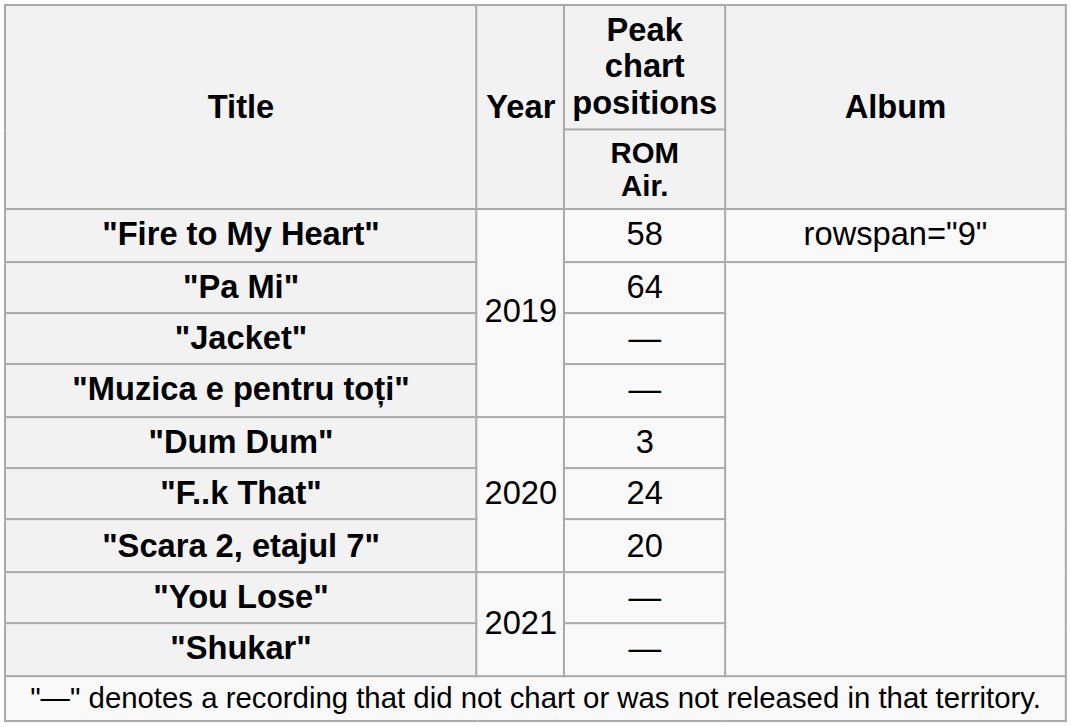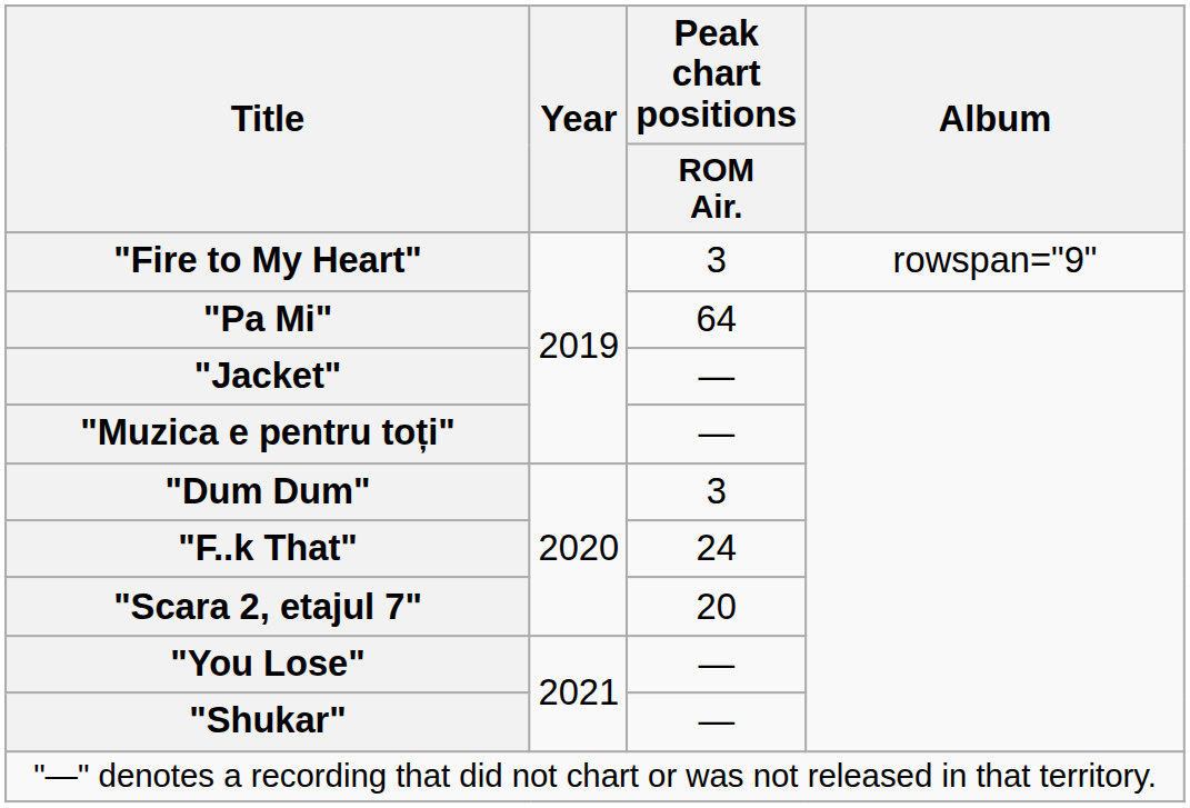 <table class="wikitable plainrowheaders" style="text-align:center;">
 <tr>
 <th scope="col" rowspan="2" style="width:14em;">Title</th>
 <th scope="col" rowspan="2" style="width:1em;">Year</th>
 <th colspan="1" scope="col">Peak chart positions</th>
 <th scope="col" rowspan="2" style="width:10em;">Album</th>
 </tr>
 <tr>
 <th scope="col" style="width:2.5em;font-size:90%;">ROM<br>Air.<br></th>
 </tr>
 <tr>
 <th scope="row">"Fire to My Heart"<br></th>
 <td rowspan="4">2019</td>
-<td>58</td>
+<td>3</td>
 <td>rowspan="9" </td>
 </tr>
 <tr>
 <th scope="row">"Pa Mi"<br></th>
 <td>64</td>
 </tr>
 <tr>
 <th scope="row">"Jacket"<br></th>
 <td>—</td>
 </tr>
 <tr>
 <th scope="row">"Muzica e pentru toți"<br></th>
 <td>—</td>
 </tr>
 <tr>
 <th scope="row">"Dum Dum"<br></th>
 <td rowspan="3">2020</td>
 <td>3</td>
 </tr>
 <tr>
 <th scope="row">"F..k That"<br></th>
 <td>24</td>
 </tr>
 <tr>
 <th scope="row">"Scara 2, etajul 7"<br></th>
 <td>20</td>
 </tr>
 <tr>
 <th scope="row">"You Lose"<br></th>
 <td rowspan="2">2021</td>
 <td>—</td>
 </tr>
 <tr>
 <th scope="row">"Shukar"<br></th>
 <td>—</td>
 </tr>
 <tr>
 <td colspan="18" style="font-size:90%">"—" denotes a recording that did not chart or was not released in that territory.</td>
 </tr>
 </table>
